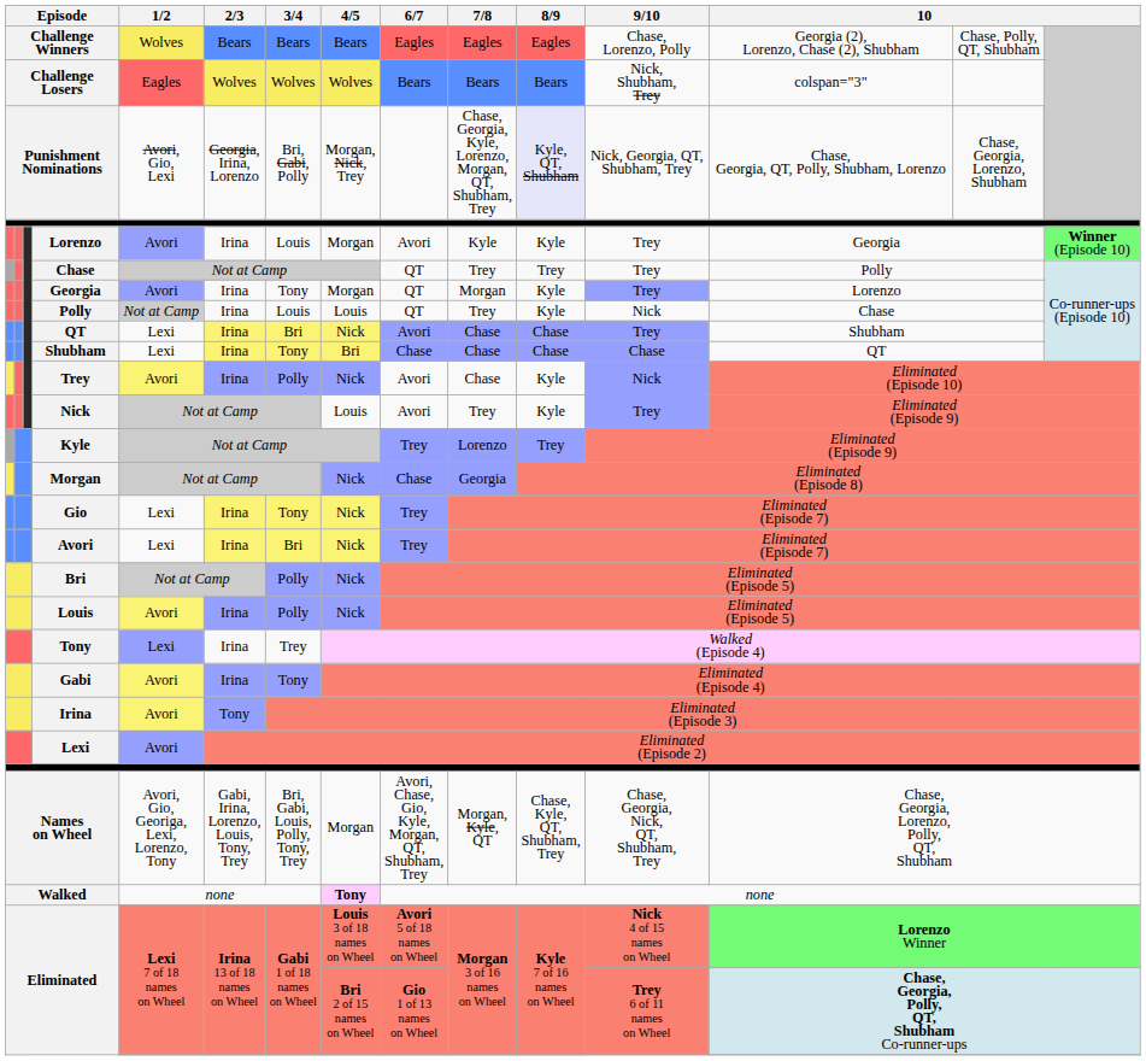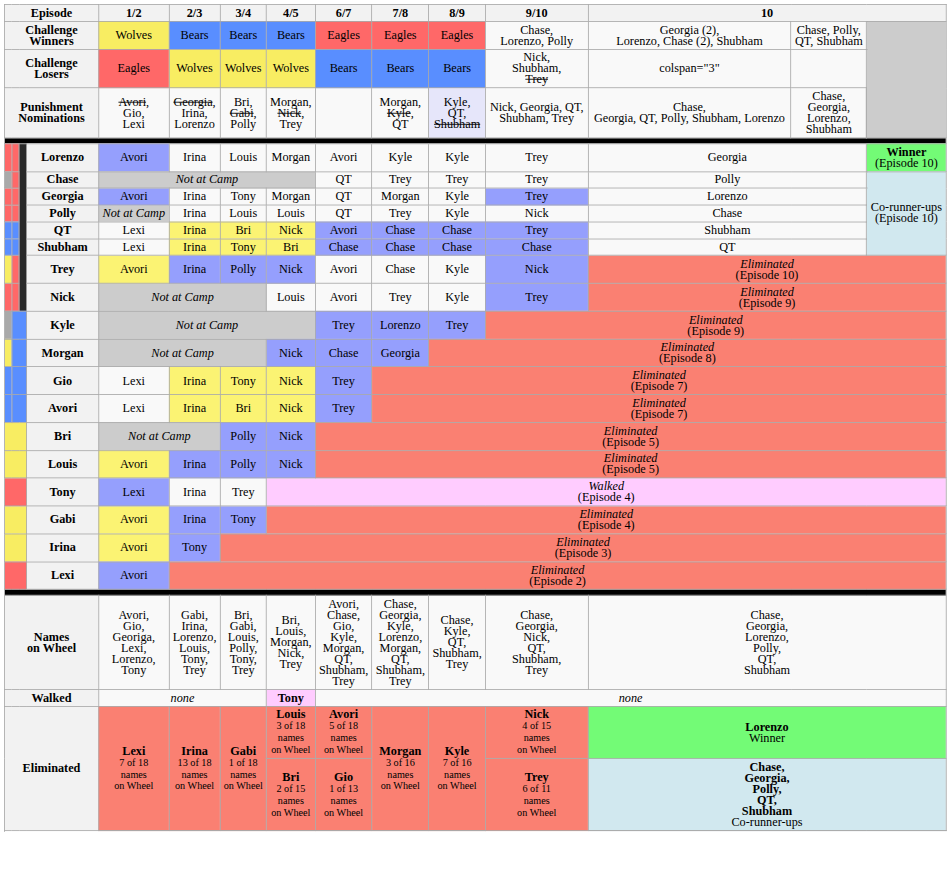 <table class="wikitable" style="text-align:center; width:70%; font-size:90%; line-height:13px">
 <tr>
 <th colspan="4" width="10%">Episode</th>
 <th>1/2</th>
 <th>2/3</th>
 <th>3/4</th>
 <th>4/5</th>
 <th>6/7</th>
 <th>7/8</th>
 <th>8/9</th>
 <th>9/10</th>
 <th colspan="4">10</th>
 </tr>
 <tr>
 <th colspan="4">Challenge<br>Winners</th>
 <td bgcolor="#f8ed62">Wolves</td>
 <td bgcolor="#598eff">Bears</td>
 <td bgcolor="#598eff">Bears</td>
 <td bgcolor="#598eff">Bears</td>
 <td bgcolor="#ff6868">Eagles</td>
 <td bgcolor="#ff6868">Eagles</td>
 <td bgcolor="#ff6868">Eagles</td>
 <td>Chase,<br>Lorenzo, Polly</td>
 <td>Georgia (2),<br>Lorenzo, Chase (2), Shubham</td>
 <td colspan="2">Chase, Polly,<br>QT, Shubham</td>
 <td rowspan="3" bgcolor="#ccc"></td>
 </tr>
 <tr>
 <th colspan="4">Challenge<br>Losers</th>
 <td bgcolor="#ff6868">Eagles</td>
 <td bgcolor="#f8ed62">Wolves</td>
 <td bgcolor="#f8ed62">Wolves</td>
 <td bgcolor="#f8ed62">Wolves</td>
 <td bgcolor="#598eff">Bears</td>
 <td bgcolor="#598eff">Bears</td>
 <td bgcolor="#598eff">Bears</td>
 <td>Nick,<br>Shubham,<br><s>Trey</s></td>
 <td>colspan="3" </td>
 </tr>
 <tr>
 <th colspan="4">Punishment<br>Nominations</th>
 <td><s>Avori</s>,<br>Gio,<br>Lexi</td>
 <td><s>Georgia</s>,<br>Irina,<br>Lorenzo</td>
 <td>Bri,<br><s>Gabi</s>,<br>Polly</td>
 <td>Morgan,<br><s>Nick</s>,<br>Trey</td>
 <td></td>
-<td>Chase,<br>Georgia,<br>Kyle,<br>Lorenzo,<br>Morgan,<br>QT,<br>Shubham,<br>Trey</td>
+<td>Morgan,<br><s>Kyle</s>,<br>QT</td>
 <td style="background: lavender;">Kyle,<br>QT,<br><s>Shubham</s></td>
 <td>Nick, Georgia, QT,<br>Shubham, Trey</td>
 <td>Chase,<br>Georgia, QT, Polly, Shubham, Lorenzo</td>
 <td>Chase,<br>Georgia,<br>Lorenzo,<br>Shubham</td>
 </tr>
 <tr>
 <th colspan="18" style="background:black"></th>
 </tr>
 <tr>
 <td bgcolor="#ff6868"></td>
 <td bgcolor="#ff6868"></td>
 <td rowspan="8" bgcolor="#292929"></td>
 <th>Lorenzo</th>
 <td style="background:#959ffd">Avori</td>
 <td>Irina</td>
 <td>Louis</td>
 <td>Morgan</td>
 <td>Avori</td>
 <td>Kyle</td>
 <td>Kyle</td>
 <td>Trey</td>
 <td colspan="3">Georgia</td>
 <td style="background:#73FB76"><strong>Winner</strong><br>(Episode 10)</td>
 </tr>
 <tr>
 <td bgcolor="darkgray"></td>
 <td bgcolor="#ff6868"></td>
 <th>Chase</th>
 <td colspan="4" style="background:#ccc"><em>Not at Camp</em></td>
 <td>QT</td>
 <td>Trey</td>
 <td>Trey</td>
 <td>Trey</td>
 <td colspan="3">Polly</td>
 <td rowspan="5"style="background:#D1E8EF">Co-runner-ups<br>(Episode 10)</td>
 </tr>
 <tr>
 <td bgcolor="#ff6868"></td>
 <td bgcolor="#ff6868"></td>
 <th>Georgia</th>
 <td style="background:#959ffd">Avori</td>
 <td>Irina</td>
 <td>Tony</td>
 <td>Morgan</td>
 <td>QT</td>
 <td>Morgan</td>
 <td>Kyle</td>
 <td style="background:#959ffd">Trey</td>
 <td colspan="3">Lorenzo</td>
 </tr>
 <tr>
 <td bgcolor="#ff6868"></td>
 <td bgcolor="#ff6868"></td>
 <th>Polly</th>
 <td style="background:#ccc"><em>Not at Camp</em></td>
 <td>Irina</td>
 <td>Louis</td>
 <td>Louis</td>
 <td>QT</td>
 <td>Trey</td>
 <td>Kyle</td>
 <td>Nick</td>
 <td colspan="3">Chase</td>
 </tr>
 <tr>
 <td bgcolor="#598eff"></td>
 <td bgcolor="#598eff"></td>
 <th>QT</th>
 <td>Lexi</td>
 <td style="background:#FBF373">Irina</td>
 <td style="background:#FBF373">Bri</td>
 <td style="background:#FBF373">Nick</td>
 <td style="background:#959ffd">Avori</td>
 <td style="background:#959ffd">Chase</td>
 <td style="background:#959ffd">Chase</td>
 <td style="background:#959ffd">Trey</td>
 <td colspan="3">Shubham</td>
 </tr>
 <tr>
 <td bgcolor="#598eff"></td>
 <td bgcolor="#598eff"></td>
 <th>Shubham</th>
 <td>Lexi</td>
 <td style="background:#FBF373">Irina</td>
 <td style="background:#FBF373">Tony</td>
 <td style="background:#FBF373">Bri</td>
 <td style="background:#959ffd">Chase</td>
 <td style="background:#959ffd">Chase</td>
 <td style="background:#959ffd">Chase</td>
 <td style="background:#959ffd">Chase</td>
 <td colspan="3">QT</td>
 </tr>
 <tr>
 <td bgcolor="#f8ed62"></td>
 <td bgcolor="#ff6868"></td>
 <th>Trey</th>
 <td style="background:#FBF373">Avori</td>
 <td style="background:#959ffd">Irina</td>
 <td style="background:#959ffd">Polly</td>
 <td style="background:#959ffd">Nick</td>
 <td>Avori</td>
 <td>Chase</td>
 <td>Kyle</td>
 <td style="background:#959ffd">Nick</td>
 <td style="background:salmon" colspan="4"><em>Eliminated</em><br>(Episode 10)</td>
 </tr>
 <tr>
 <td bgcolor="#ff6868"></td>
 <td bgcolor="#ff6868"></td>
 <th>Nick</th>
 <td colspan="3" style="background:#ccc"><em>Not at Camp</em></td>
 <td>Louis</td>
 <td>Avori</td>
 <td>Trey</td>
 <td>Kyle</td>
 <td style="background:#959ffd">Trey</td>
 <td style="background:salmon" colspan="4"><em>Eliminated</em><br>(Episode 9)</td>
 </tr>
 <tr>
 <td bgcolor="darkgray"></td>
 <td colspan="2" bgcolor="#598eff"></td>
 <th>Kyle</th>
 <td colspan="4" style="background:#ccc"><em>Not at Camp</em></td>
 <td style="background:#959ffd">Trey</td>
 <td style="background:#959ffd">Lorenzo</td>
 <td style="background:#959ffd">Trey</td>
 <td style="background:salmon" colspan="5"><em>Eliminated</em><br>(Episode 9)</td>
 </tr>
 <tr>
 <td bgcolor="#f8ed62"></td>
 <td colspan="2" bgcolor="#598eff"></td>
 <th>Morgan</th>
 <td colspan="3" style="background:#ccc"><em>Not at Camp</em></td>
 <td style="background:#959ffd">Nick</td>
 <td style="background:#959ffd">Chase</td>
 <td style="background:#959ffd">Georgia</td>
 <td style="background:salmon" colspan="6"><em>Eliminated</em><br>(Episode 8)</td>
 </tr>
 <tr>
 <td bgcolor="#598eff"></td>
 <td colspan="2" bgcolor="#598eff"></td>
 <th>Gio</th>
 <td>Lexi</td>
 <td style="background:#FBF373">Irina</td>
 <td style="background:#FBF373">Tony</td>
 <td style="background:#FBF373">Nick</td>
 <td style="background:#959ffd">Trey</td>
 <td style="background:salmon" colspan="7"><em>Eliminated</em><br>(Episode 7)</td>
 </tr>
 <tr>
 <td bgcolor="#598eff"></td>
 <td colspan="2" bgcolor="#598eff"></td>
 <th>Avori</th>
 <td>Lexi</td>
 <td style="background:#FBF373">Irina</td>
 <td style="background:#FBF373">Bri</td>
 <td style="background:#FBF373">Nick</td>
 <td style="background:#959ffd">Trey</td>
 <td style="background:salmon" colspan="7"><em>Eliminated</em><br>(Episode 7)</td>
 </tr>
 <tr>
 <td colspan="3" bgcolor="#f8ed62"></td>
 <th>Bri</th>
 <td colspan="2" style="background:#ccc"><em>Not at Camp</em></td>
 <td style="background:#959ffd">Polly</td>
 <td style="background:#959ffd">Nick</td>
 <td style="background:salmon" colspan="8"><em>Eliminated</em><br>(Episode 5)</td>
 </tr>
 <tr>
 <td colspan="3" bgcolor="#f8ed62"></td>
 <th>Louis</th>
 <td style="background:#FBF373">Avori</td>
 <td style="background:#959ffd">Irina</td>
 <td style="background:#959ffd">Polly</td>
 <td style="background:#959ffd">Nick</td>
 <td style="background:salmon" colspan="8"><em>Eliminated</em><br>(Episode 5)</td>
 </tr>
 <tr>
 <td colspan="3" bgcolor="#ff6868"></td>
 <th>Tony</th>
 <td style="background:#959ffd">Lexi</td>
 <td>Irina</td>
 <td>Trey</td>
 <td style="background:#fcf" colspan="9"><em>Walked</em><br>(Episode 4)</td>
 </tr>
 <tr>
 <td colspan="3" bgcolor="#f8ed62"></td>
 <th>Gabi</th>
 <td style="background:#FBF373">Avori</td>
 <td style="background:#959ffd">Irina</td>
 <td style="background:#959ffd">Tony</td>
 <td style="background:salmon" colspan="9"><em>Eliminated</em><br>(Episode 4)</td>
 </tr>
 <tr>
 <td colspan="3" bgcolor="#f8ed62"></td>
 <th>Irina</th>
 <td style="background:#FBF373">Avori</td>
 <td style="background:#959ffd">Tony</td>
 <td style="background:salmon" colspan="10"><em>Eliminated</em><br>(Episode 3)</td>
 </tr>
 <tr>
 <td colspan="3" bgcolor="#ff6868"></td>
 <th>Lexi</th>
 <td style="background:#959ffd">Avori</td>
 <td style="background:salmon" colspan="11"><em>Eliminated</em><br>(Episode 2)</td>
 </tr>
 <tr>
 <th style="background:#000" colspan="16"></th>
 </tr>
 <tr>
 <th colspan="4">Names<br>on Wheel</th>
 <td>Avori,<br>Gio,<br>Georiga,<br>Lexi,<br>Lorenzo,<br>Tony</td>
 <td>Gabi,<br>Irina,<br>Lorenzo,<br>Louis,<br>Tony,<br>Trey</td>
 <td>Bri,<br>Gabi,<br>Louis,<br>Polly,<br>Tony,<br>Trey</td>
-<td>Morgan</td>
+<td>Bri,<br>Louis,<br>Morgan,<br>Nick,<br>Trey</td>
 <td>Avori,<br>Chase,<br>Gio,<br>Kyle,<br>Morgan,<br>QT,<br>Shubham,<br>Trey</td>
-<td>Morgan,<br><s>Kyle</s>,<br>QT</td>
+<td>Chase,<br>Georgia,<br>Kyle,<br>Lorenzo,<br>Morgan,<br>QT,<br>Shubham,<br>Trey</td>
 <td>Chase,<br>Kyle,<br>QT,<br>Shubham,<br>Trey</td>
 <td>Chase,<br>Georgia,<br>Nick,<br>QT,<br>Shubham,<br>Trey</td>
 <td colspan="4">Chase,<br>Georgia,<br>Lorenzo,<br>Polly,<br>QT,<br>Shubham</td>
 </tr>
 <tr>
 <th colspan="4">Walked</th>
 <td colspan=3><em>none</em></td>
 <td style="background:#fcf"><strong>Tony</strong></td>
 <td colspan="8"><em>none</em></td>
 </tr>
 <tr>
 <th colspan="4" rowspan=3>Eliminated</th>
 <td rowspan=2 style="background:#FA8072"><strong>Lexi</strong><br><small>7 of 18<br>names<br>on Wheel</small></td>
 <td rowspan=2 style="background:#FA8072"><strong>Irina</strong><br><small>13 of 18<br>names<br>on Wheel</small></td>
 <td rowspan=2 style="background:#FA8072"><strong>Gabi</strong><br><small>1 of 18<br>names<br>on Wheel</small></td>
 <td rowspan=1 style="background:#FA8072"><strong>Louis</strong><br><small>3 of 18<br>names<br>on Wheel</small></td>
 <td rowspan=1 style="background:#FA8072"><strong>Avori</strong><br><small>5 of 18<br>names<br>on Wheel</small></td>
 <td rowspan=2 style="background:#FA8072"><strong>Morgan</strong><br><small>3 of 16<br>names<br>on Wheel</small></td>
 <td rowspan=2 style="background:#FA8072"><strong>Kyle</strong><br><small>7 of 16<br>names<br>on Wheel</small></td>
 <td rowspan=1 style="background:#FA8072"><strong>Nick</strong><br><small>4 of 15<br>names<br>on Wheel</small></td>
 <td colspan="4" style="background:#73FB76"><strong>Lorenzo</strong><br>Winner</td>
 </tr>
 <tr>
 <td rowspan=1 style="background:#FA8072"><strong>Bri</strong><br><small>2 of 15<br>names<br>on Wheel</small></td>
 <td rowspan=1 style="background:#FA8072"><strong>Gio</strong><br><small>1 of 13<br>names<br>on Wheel</small></td>
 <td rowspan=2 style="background:#FA8072"><strong>Trey</strong><br><small>6 of 11<br>names<br>on Wheel</small></td>
 <td colspan="4" style="background:#D1E8EF"><strong>Chase,<br>Georgia,<br>Polly,<br>QT,<br>Shubham</strong><br>Co-runner-ups</td>
 </tr>
 <tr>
 </tr>
 </table>
